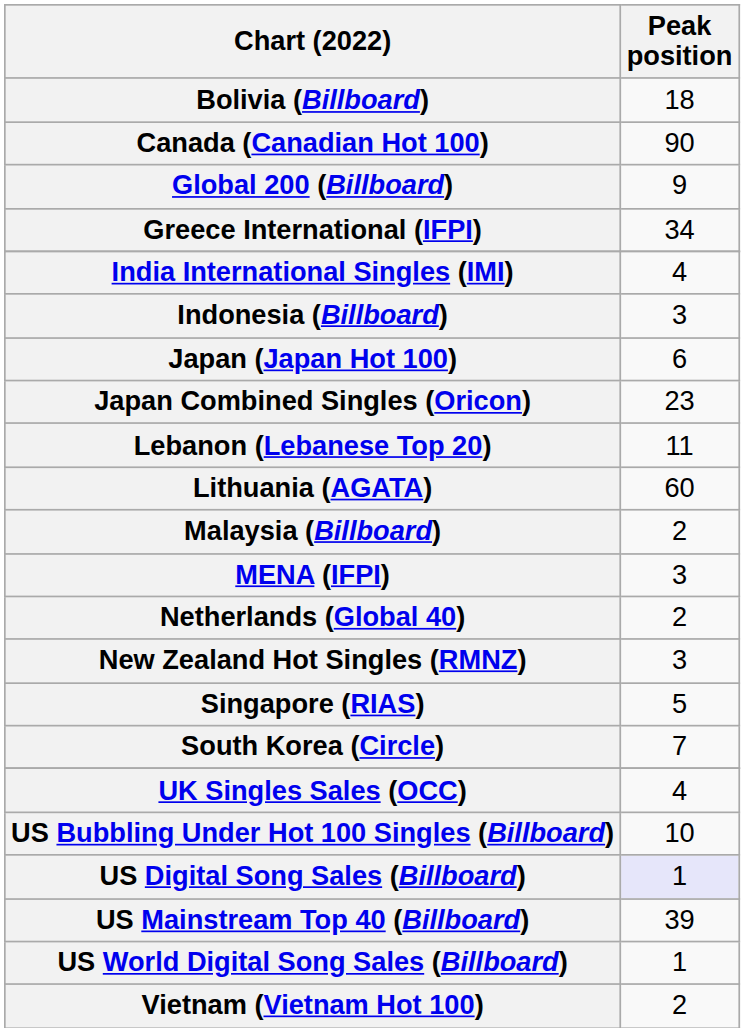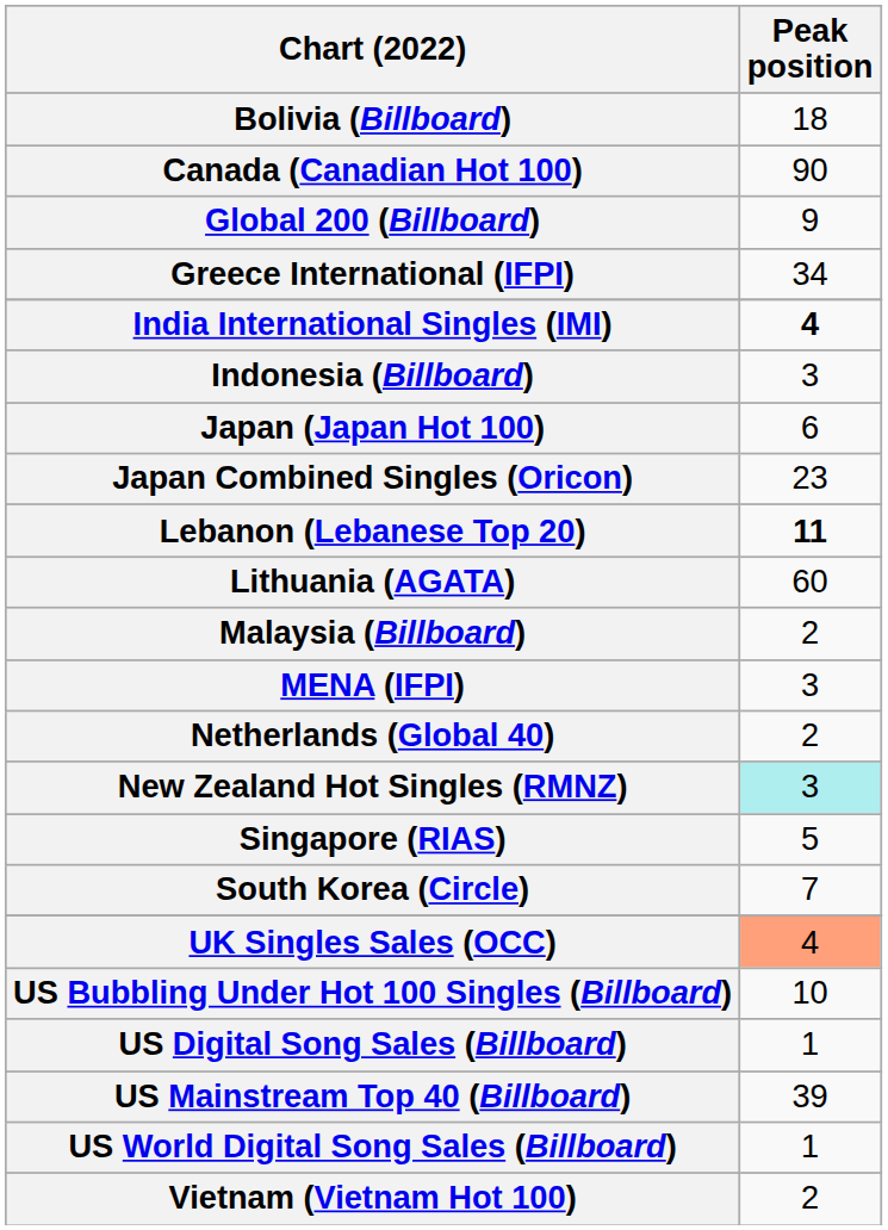 <table class="wikitable sortable plainrowheaders" style="text-align:center">
 <tr>
 <th scope="col">Chart (2022)</th>
 <th scope="col">Peak<br>position</th>
 </tr>
 <tr>
 <th scope="row">Bolivia (<em><a href='#'>Billboard</a></em>)</th>
 <td>18</td>
 </tr>
 <tr>
 <th scope="row">Canada (<a href='#'>Canadian Hot 100</a>)</th>
 <td>90</td>
 </tr>
 <tr>
 <th scope="row"><a href='#'>Global 200</a> (<em><a href='#'>Billboard</a></em>)</th>
 <td>9</td>
 </tr>
 <tr>
 <th scope="row">Greece International (<a href='#'>IFPI</a>)</th>
 <td>34</td>
 </tr>
 <tr>
 </tr>
 <tr>
 <th scope="row"><a href='#'>India International Singles</a> (<a href='#'>IMI</a>)</th>
-<td>4</td>
+<td><strong>4</strong></td>
 </tr>
 <tr>
 <th scope="row">Indonesia (<em><a href='#'>Billboard</a></em>)</th>
 <td>3</td>
 </tr>
 <tr>
 <th scope="row">Japan (<a href='#'>Japan Hot 100</a>)</th>
 <td>6</td>
 </tr>
 <tr>
 <th scope="row">Japan Combined Singles (<a href='#'>Oricon</a>)</th>
 <td>23</td>
 </tr>
 <tr>
 <th scope="row">Lebanon (<a href='#'>Lebanese Top 20</a>)</th>
-<td>11</td>
+<td><strong>11</strong></td>
 </tr>
 <tr>
 <th scope="row">Lithuania (<a href='#'>AGATA</a>)</th>
 <td>60</td>
 </tr>
 <tr>
 <th scope="row">Malaysia (<em><a href='#'>Billboard</a></em>)</th>
 <td>2</td>
 </tr>
 <tr>
 <th scope="row"><a href='#'>MENA</a> (<a href='#'>IFPI</a>)</th>
 <td>3</td>
 </tr>
 <tr>
 <th scope="row">Netherlands (<a href='#'>Global 40</a>)</th>
 <td>2</td>
 </tr>
 <tr>
 <th scope="row">New Zealand Hot Singles (<a href='#'>RMNZ</a>)</th>
-<td>3</td>
+<td style="background: paleturquoise;">3</td>
 </tr>
 <tr>
 <th scope="row">Singapore (<a href='#'>RIAS</a>)</th>
 <td>5</td>
 </tr>
 <tr>
 <th scope="row">South Korea (<a href='#'>Circle</a>)</th>
 <td>7</td>
 </tr>
 <tr>
 </tr>
 <tr>
 </tr>
 <tr>
 </tr>
 <tr>
 <th scope="row"><a href='#'>UK Singles Sales</a> (<a href='#'>OCC</a>)</th>
-<td>4</td>
+<td style="background: lightsalmon;">4</td>
 </tr>
 <tr>
 <th scope="row">US <a href='#'>Bubbling Under Hot 100 Singles</a> (<em><a href='#'>Billboard</a></em>)</th>
 <td>10</td>
 </tr>
 <tr>
 <th scope="row">US <a href='#'>Digital Song Sales</a> (<em><a href='#'>Billboard</a></em>)</th>
-<td style="background: lavender;">1</td>
+<td>1</td>
 </tr>
 <tr>
 <th scope="row">US <a href='#'>Mainstream Top 40</a> (<em><a href='#'>Billboard</a></em>)</th>
 <td>39</td>
 </tr>
 <tr>
 <th scope="row">US <a href='#'>World Digital Song Sales</a> (<em><a href='#'>Billboard</a></em>)</th>
 <td>1</td>
 </tr>
 <tr>
 <th scope="row">Vietnam (<a href='#'>Vietnam Hot 100</a>)</th>
 <td>2</td>
 </tr>
 </table>
